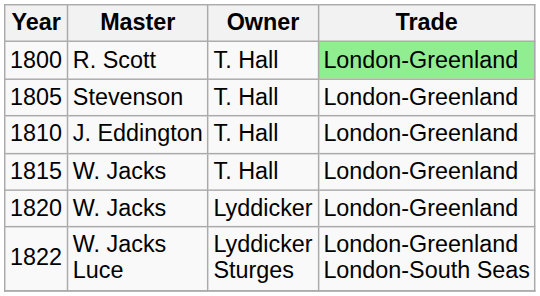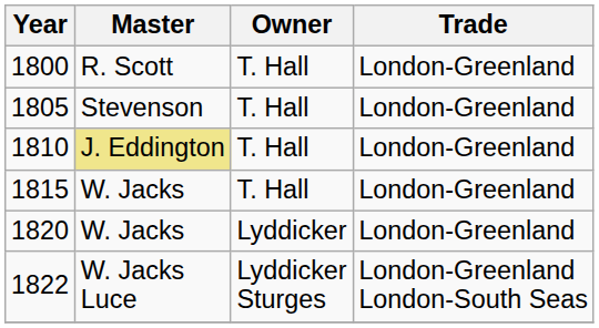 <table class="sortable wikitable">
 <tr>
 <th>Year</th>
 <th>Master</th>
 <th>Owner</th>
 <th>Trade</th>
 </tr>
 <tr>
 <td>1800</td>
 <td>R. Scott</td>
 <td>T. Hall</td>
-<td style="background: lightgreen;">London-Greenland</td>
+<td>London-Greenland</td>
 </tr>
 <tr>
 <td>1805</td>
 <td>Stevenson</td>
 <td>T. Hall</td>
 <td>London-Greenland</td>
 </tr>
 <tr>
 <td>1810</td>
-<td>J. Eddington</td>
+<td style="background: khaki;">J. Eddington</td>
 <td>T. Hall</td>
 <td>London-Greenland</td>
 </tr>
 <tr>
 <td>1815</td>
 <td>W. Jacks</td>
 <td>T. Hall</td>
 <td>London-Greenland</td>
 </tr>
 <tr>
 <td>1820</td>
 <td>W. Jacks</td>
 <td>Lyddicker</td>
 <td>London-Greenland</td>
 </tr>
 <tr>
 <td>1822</td>
 <td>W. Jacks<br>Luce</td>
 <td>Lyddicker<br>Sturges</td>
 <td>London-Greenland<br>London-South Seas</td>
 </tr>
 <tr>
 </tr>
 </table>
